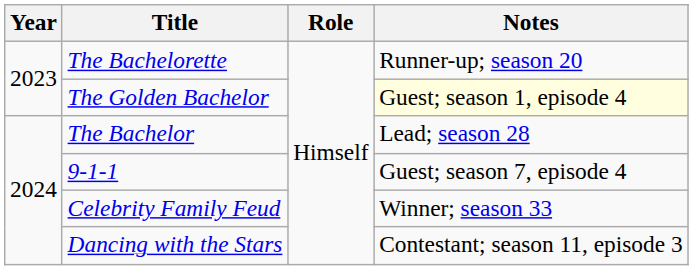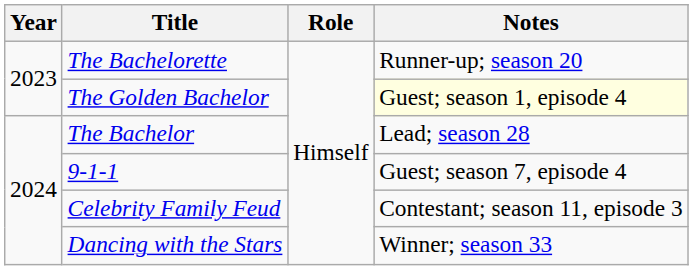 <table class="wikitable sortable plainrowheaders">
 <tr>
 <th scope="col">Year</th>
 <th scope="col">Title</th>
 <th scope="col">Role</th>
 <th scope="col" class="unsortable">Notes</th>
 </tr>
 <tr>
 <td rowspan="2">2023</td>
 <td><em><a href='#'>The Bachelorette</a></em></td>
 <td rowspan="6">Himself</td>
 <td>Runner-up; <a href='#'>season 20</a></td>
 </tr>
 <tr>
 <td><em><a href='#'>The Golden Bachelor</a></em></td>
 <td style="background: lightyellow;">Guest; season 1, episode 4</td>
 </tr>
 <tr>
 <td rowspan="4">2024</td>
 <td><em><a href='#'>The Bachelor</a></em></td>
 <td>Lead; <a href='#'>season 28</a></td>
 </tr>
 <tr>
 <td><em><a href='#'>9-1-1</a></em></td>
 <td>Guest; season 7, episode 4</td>
 </tr>
 <tr>
 <td><em><a href='#'>Celebrity Family Feud</a></em></td>
-<td>Winner; <a href='#'>season 33</a></td>
+<td>Contestant; season 11, episode 3</td>
 </tr>
 <tr>
 <td><em><a href='#'>Dancing with the Stars</a></em></td>
-<td>Contestant; season 11, episode 3</td>
+<td>Winner; <a href='#'>season 33</a></td>
 </tr>
 </table>
